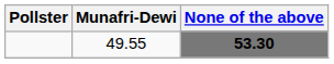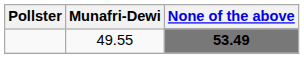 <table class="wikitable" style="text-align: center; font-size: 75%;">
 <tr>
 <th>Pollster</th>
 <th>Munafri-Dewi</th>
 <th><a href='#'>None of the above</a></th>
 </tr>
 <tr>
 <td> </td>
 <td>49.55</td>
-<td bgcolor=#787878><strong>53.30</strong></td>
+<td bgcolor=#787878><strong>53.49</strong></td>
 </tr>
 <tr>
 </tr>
 </table>
